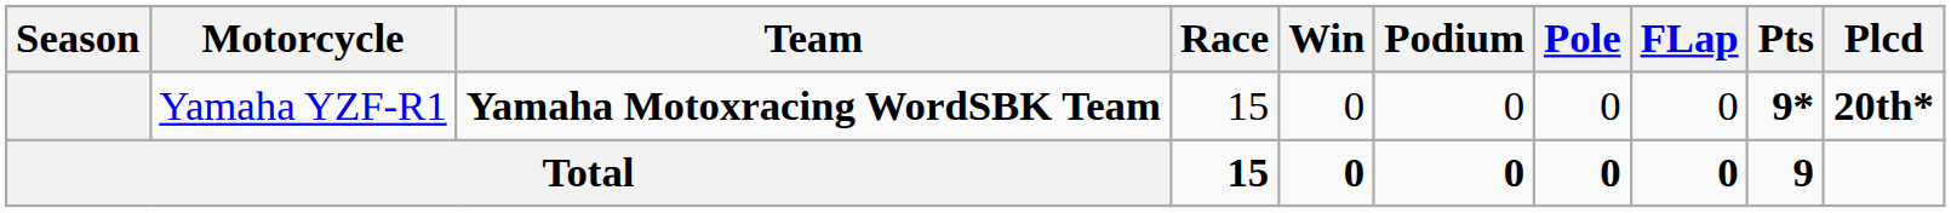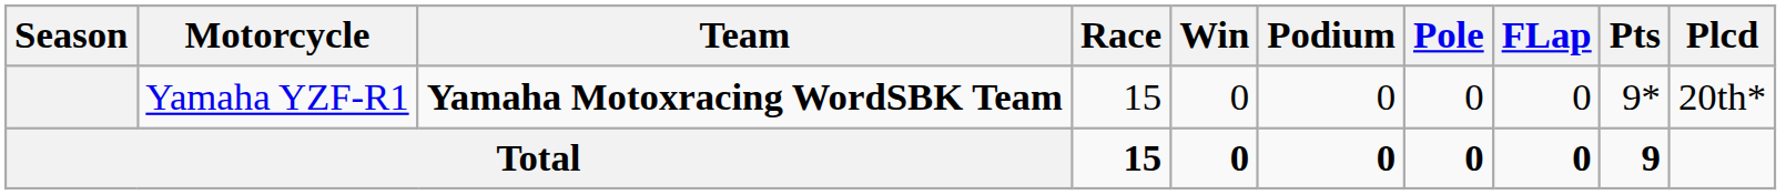 <table class="wikitable" style="text-align:right;">
 <tr>
 <th>Season</th>
 <th>Motorcycle</th>
 <th>Team</th>
 <th>Race</th>
 <th>Win</th>
 <th>Podium</th>
 <th><a href='#'>Pole</a></th>
 <th><a href='#'>FLap</a></th>
 <th>Pts</th>
 <th>Plcd</th>
 </tr>
 <tr>
 <th></th>
 <td style="text-align:left;"><a href='#'>Yamaha YZF-R1</a></td>
 <td style="text-align:left;"><strong>Yamaha Motoxracing WordSBK Team</strong></td>
 <td>15</td>
 <td>0</td>
 <td>0</td>
 <td>0</td>
 <td>0</td>
-<td><strong>9*</strong></td>
-<td><strong>20th*</strong></td>
+<td>9*</td>
+<td>20th*</td>
 </tr>
 <tr>
 <th colspan="3">Total</th>
 <td><strong>15</strong></td>
 <td><strong>0</strong></td>
 <td><strong>0</strong></td>
 <td><strong>0</strong></td>
 <td><strong>0</strong></td>
 <td><strong>9</strong></td>
 <td></td>
 </tr>
 </table>
